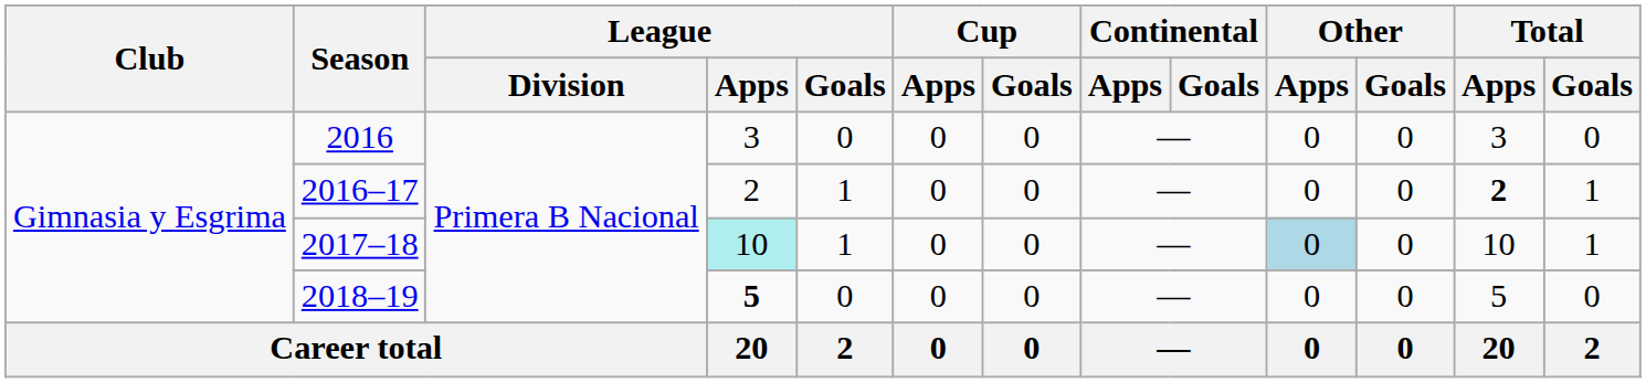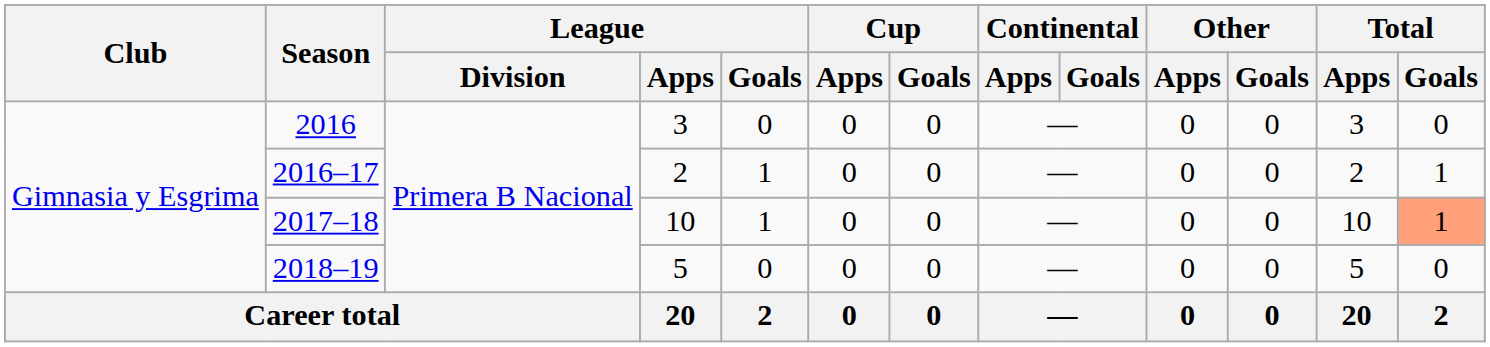 <table class="wikitable" style="text-align:center">
 <tr>
 <th rowspan="2">Club</th>
 <th rowspan="2">Season</th>
 <th colspan="3">League</th>
 <th colspan="2">Cup</th>
 <th colspan="2">Continental</th>
 <th colspan="2">Other</th>
 <th colspan="2">Total</th>
 </tr>
 <tr>
 <th>Division</th>
 <th>Apps</th>
 <th>Goals</th>
 <th>Apps</th>
 <th>Goals</th>
 <th>Apps</th>
 <th>Goals</th>
 <th>Apps</th>
 <th>Goals</th>
 <th>Apps</th>
 <th>Goals</th>
 </tr>
 <tr>
 <td rowspan="4"><a href='#'>Gimnasia y Esgrima</a></td>
 <td><a href='#'>2016</a></td>
 <td rowspan="4"><a href='#'>Primera B Nacional</a></td>
 <td>3</td>
 <td>0</td>
 <td>0</td>
 <td>0</td>
 <td colspan="2">—</td>
 <td>0</td>
 <td>0</td>
 <td>3</td>
 <td>0</td>
 </tr>
 <tr>
 <td><a href='#'>2016–17</a></td>
 <td>2</td>
 <td>1</td>
 <td>0</td>
 <td>0</td>
 <td colspan="2">—</td>
 <td>0</td>
 <td>0</td>
-<td><strong>2</strong></td>
+<td>2</td>
 <td>1</td>
 </tr>
 <tr>
 <td><a href='#'>2017–18</a></td>
-<td style="background: paleturquoise;">10</td>
+<td>10</td>
 <td>1</td>
 <td>0</td>
 <td>0</td>
 <td colspan="2">—</td>
-<td style="background: lightblue;">0</td>
+<td>0</td>
 <td>0</td>
 <td>10</td>
-<td>1</td>
+<td style="background: lightsalmon;">1</td>
 </tr>
 <tr>
 <td><a href='#'>2018–19</a></td>
-<td><strong>5</strong></td>
+<td>5</td>
 <td>0</td>
 <td>0</td>
 <td>0</td>
 <td colspan="2">—</td>
 <td>0</td>
 <td>0</td>
 <td>5</td>
 <td>0</td>
 </tr>
 <tr>
 <th colspan="3">Career total</th>
 <th>20</th>
 <th>2</th>
 <th>0</th>
 <th>0</th>
 <th colspan="2">—</th>
 <th>0</th>
 <th>0</th>
 <th>20</th>
 <th>2</th>
 </tr>
 </table>
